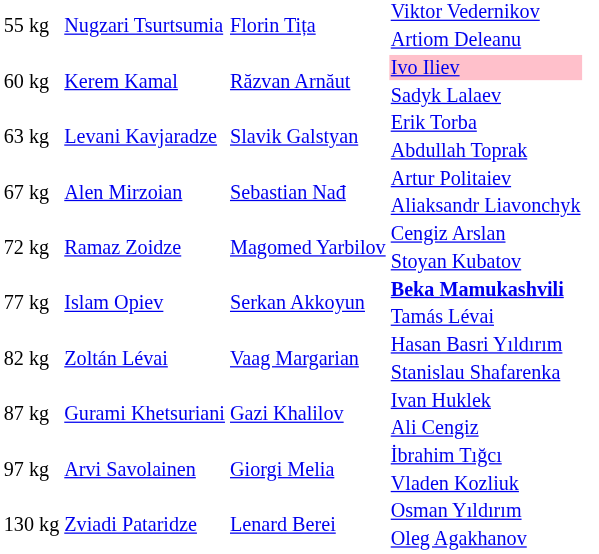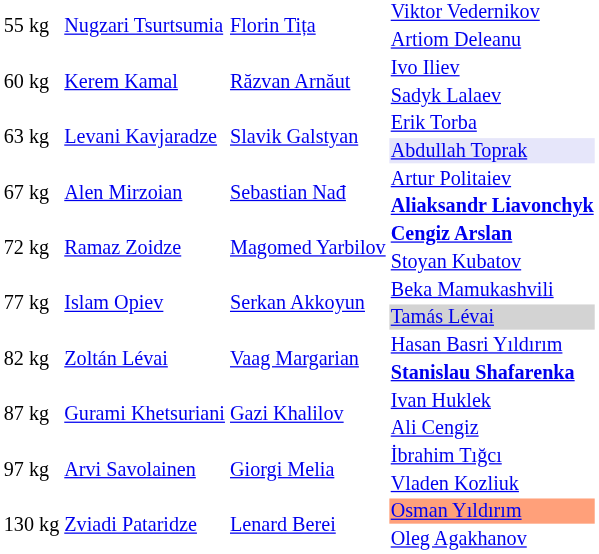 <table>
 <tr>
 <td rowspan=2>55 kg</td>
 <td rowspan=2> <a href='#'>Nugzari Tsurtsumia</a></td>
 <td rowspan=2> <a href='#'>Florin Tița</a></td>
 <td> <a href='#'>Viktor Vedernikov</a></td>
 </tr>
 <tr>
 <td> <a href='#'>Artiom Deleanu</a></td>
 </tr>
 <tr>
 <td rowspan=2>60 kg</td>
 <td rowspan=2> <a href='#'>Kerem Kamal</a></td>
 <td rowspan=2> <a href='#'>Răzvan Arnăut</a></td>
-<td style="background: pink;"> <a href='#'>Ivo Iliev</a></td>
+<td> <a href='#'>Ivo Iliev</a></td>
 </tr>
 <tr>
 <td> <a href='#'>Sadyk Lalaev</a></td>
 </tr>
 <tr>
 <td rowspan=2>63 kg</td>
 <td rowspan=2> <a href='#'>Levani Kavjaradze</a></td>
 <td rowspan=2> <a href='#'>Slavik Galstyan</a></td>
 <td> <a href='#'>Erik Torba</a></td>
 </tr>
 <tr>
-<td> <a href='#'>Abdullah Toprak</a></td>
+<td style="background: lavender;"> <a href='#'>Abdullah Toprak</a></td>
 </tr>
 <tr>
 <td rowspan=2>67 kg</td>
 <td rowspan=2> <a href='#'>Alen Mirzoian</a></td>
 <td rowspan=2> <a href='#'>Sebastian Nađ</a></td>
 <td> <a href='#'>Artur Politaiev</a></td>
 </tr>
 <tr>
-<td> <a href='#'>Aliaksandr Liavonchyk</a></td>
+<td><strong> <a href='#'>Aliaksandr Liavonchyk</a></strong></td>
 </tr>
 <tr>
 <td rowspan=2>72 kg</td>
 <td rowspan=2> <a href='#'>Ramaz Zoidze</a></td>
 <td rowspan=2> <a href='#'>Magomed Yarbilov</a></td>
-<td> <a href='#'>Cengiz Arslan</a></td>
+<td><strong> <a href='#'>Cengiz Arslan</a></strong></td>
 </tr>
 <tr>
 <td> <a href='#'>Stoyan Kubatov</a></td>
 </tr>
 <tr>
 <td rowspan=2>77 kg</td>
 <td rowspan=2> <a href='#'>Islam Opiev</a></td>
 <td rowspan=2> <a href='#'>Serkan Akkoyun</a></td>
-<td><strong> <a href='#'>Beka Mamukashvili</a></strong></td>
+<td> <a href='#'>Beka Mamukashvili</a></td>
 </tr>
 <tr>
-<td> <a href='#'>Tamás Lévai</a></td>
+<td style="background: lightgrey;"> <a href='#'>Tamás Lévai</a></td>
 </tr>
 <tr>
 <td rowspan=2>82 kg</td>
 <td rowspan=2> <a href='#'>Zoltán Lévai</a></td>
 <td rowspan=2> <a href='#'>Vaag Margarian</a></td>
 <td> <a href='#'>Hasan Basri Yıldırım</a></td>
 </tr>
 <tr>
-<td> <a href='#'>Stanislau Shafarenka</a></td>
+<td><strong> <a href='#'>Stanislau Shafarenka</a></strong></td>
 </tr>
 <tr>
 <td rowspan=2>87 kg</td>
 <td rowspan=2> <a href='#'>Gurami Khetsuriani</a></td>
 <td rowspan=2> <a href='#'>Gazi Khalilov</a></td>
 <td> <a href='#'>Ivan Huklek</a></td>
 </tr>
 <tr>
 <td> <a href='#'>Ali Cengiz</a></td>
 </tr>
 <tr>
 <td rowspan=2>97 kg</td>
 <td rowspan=2> <a href='#'>Arvi Savolainen</a></td>
 <td rowspan=2> <a href='#'>Giorgi Melia</a></td>
 <td> <a href='#'>İbrahim Tığcı</a></td>
 </tr>
 <tr>
 <td> <a href='#'>Vladen Kozliuk</a></td>
 </tr>
 <tr>
 <td rowspan=2>130 kg</td>
 <td rowspan=2> <a href='#'>Zviadi Pataridze</a></td>
 <td rowspan=2> <a href='#'>Lenard Berei</a></td>
-<td> <a href='#'>Osman Yıldırım</a></td>
+<td style="background: lightsalmon;"> <a href='#'>Osman Yıldırım</a></td>
 </tr>
 <tr>
 <td> <a href='#'>Oleg Agakhanov</a></td>
 </tr>
 </table>
